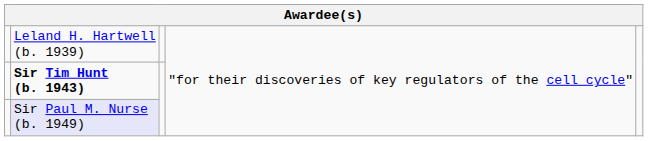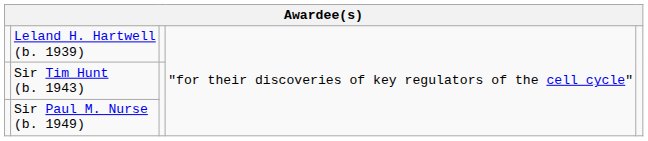 <table class="wikitable">
 <tr>
 <th colspan="5">Awardee(s)</th>
 </tr>
 <tr>
 <td></td>
 <td><a href='#'>Leland H. Hartwell</a><br>(b. 1939)</td>
 <td></td>
 <td rowspan="3">"for their discoveries of key regulators of the <a href='#'>cell cycle</a>"</td>
 <td rowspan="3"></td>
 </tr>
 <tr>
 <td></td>
-<td><strong>Sir <a href='#'>Tim Hunt</a><br>(b. 1943)</strong></td>
+<td>Sir <a href='#'>Tim Hunt</a><br>(b. 1943)</td>
 <td rowspan="2"></td>
 </tr>
 <tr>
 <td></td>
-<td style="background: lavender;">Sir <a href='#'>Paul M. Nurse</a><br>(b. 1949)</td>
+<td>Sir <a href='#'>Paul M. Nurse</a><br>(b. 1949)</td>
 </tr>
 </table>
